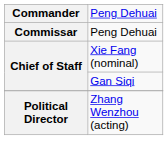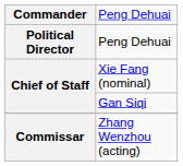 <table class="wikitable" style="width: 25%">
 <tr>
 <th width=10%; align= center>Commander</th>
 <td width=20%><a href='#'>Peng Dehuai</a></td>
 </tr>
 <tr>
-<th width=10%; align= center>Commissar</th>
+<th width=10%; align= center>Political Director</th>
 <td>Peng Dehuai</td>
 </tr>
 <tr>
 <th rowspan="2" width=10%; align= center>Chief of Staff</th>
 <td><a href='#'>Xie Fang</a> (nominal)</td>
 </tr>
 <tr>
 <td><a href='#'>Gan Siqi</a></td>
 </tr>
 <tr>
 </tr>
 <tr>
-<th width=10%; align= center>Political Director</th>
+<th width=10%; align= center>Commissar</th>
 <td><a href='#'>Zhang Wenzhou</a> (acting)</td>
 </tr>
 </table>
